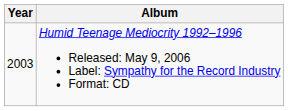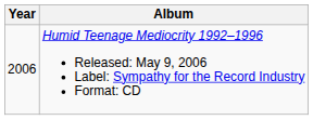 <table class="wikitable">
 <tr>
 <th>Year</th>
 <th>Album</th>
 </tr>
 <tr>
-<td>2003</td>
+<td>2006</td>
 <td><em><a href='#'>Humid Teenage Mediocrity 1992–1996</a></em><br><ul><li>Released: May 9, 2006</li><li>Label: <a href='#'>Sympathy for the Record Industry</a></li><li>Format: CD</li></ul></td>
 </tr>
 </table>
